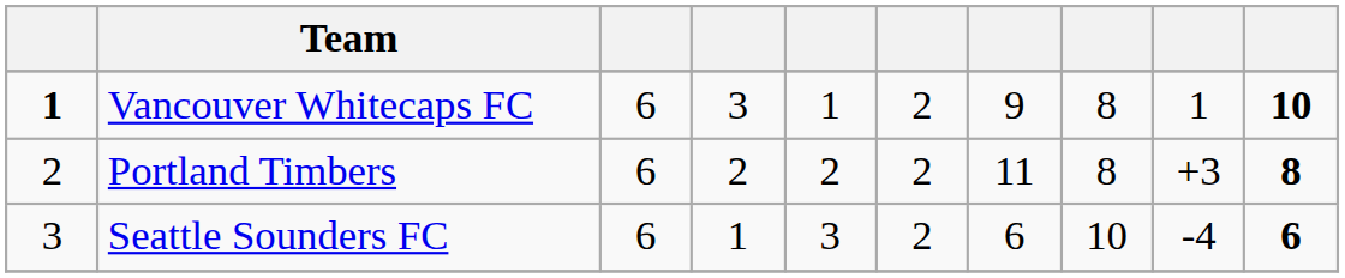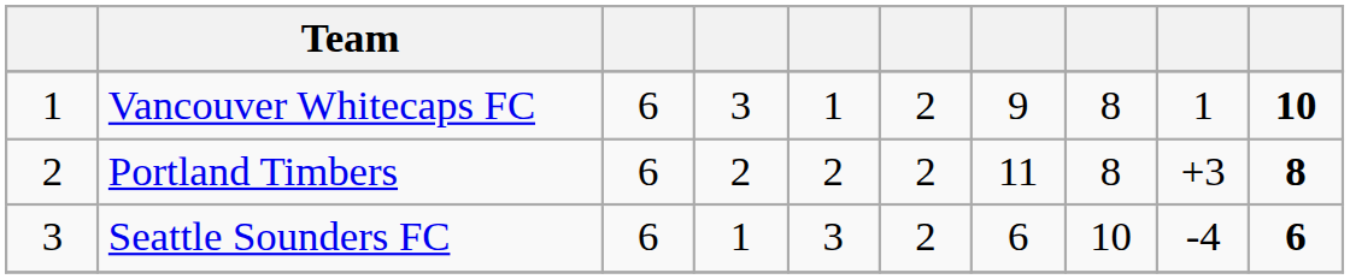 <table class="wikitable" style="text-align: center;">
 <tr>
 <th width="28"></th>
 <th width="185">Team</th>
 <th width="28"></th>
 <th width="28"></th>
 <th width="28"></th>
 <th width="28"></th>
 <th width="28"></th>
 <th width="28"></th>
 <th width="28"></th>
 <th width="28"></th>
 </tr>
 <tr style="background-color:#">
 </tr>
 <tr>
 </tr>
 <tr>
-<td><strong>1</strong></td>
+<td>1</td>
 <td style="text-align:left;"><a href='#'>Vancouver Whitecaps FC</a></td>
 <td>6</td>
 <td>3</td>
 <td>1</td>
 <td>2</td>
 <td>9</td>
 <td>8</td>
 <td>1</td>
 <td><strong>10</strong></td>
 </tr>
 <tr>
 <td>2</td>
 <td style="text-align:left;"><a href='#'>Portland Timbers</a></td>
 <td>6</td>
 <td>2</td>
 <td>2</td>
 <td>2</td>
 <td>11</td>
 <td>8</td>
 <td>+3</td>
 <td><strong>8</strong></td>
 </tr>
 <tr>
 <td>3</td>
 <td style="text-align:left;"><a href='#'>Seattle Sounders FC</a></td>
 <td>6</td>
 <td>1</td>
 <td>3</td>
 <td>2</td>
 <td>6</td>
 <td>10</td>
 <td>-4</td>
 <td><strong>6</strong></td>
 </tr>
 <tr>
 </tr>
 </table>
